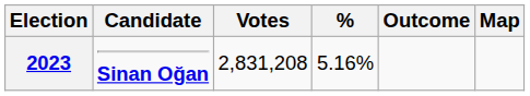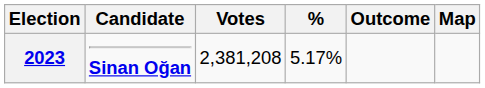 <table class="wikitable" style="text-align: center; border:none">
 <tr>
 </tr>
 <tr>
 <th>Election</th>
 <th>Candidate</th>
 <th>Votes</th>
 <th>%</th>
 <th>Outcome</th>
 <th>Map</th>
 </tr>
 <tr>
 <th><strong><a href='#'>2023</a></strong></th>
 <td><strong><hr><a href='#'>Sinan&nbsp;Oğan</a></strong></td>
-<td>2,831,208</td>
-<td>5.16%</td>
+<td>2,381,208</td>
+<td>5.17%</td>
 <td></td>
 <td></td>
 </tr>
 </table>
